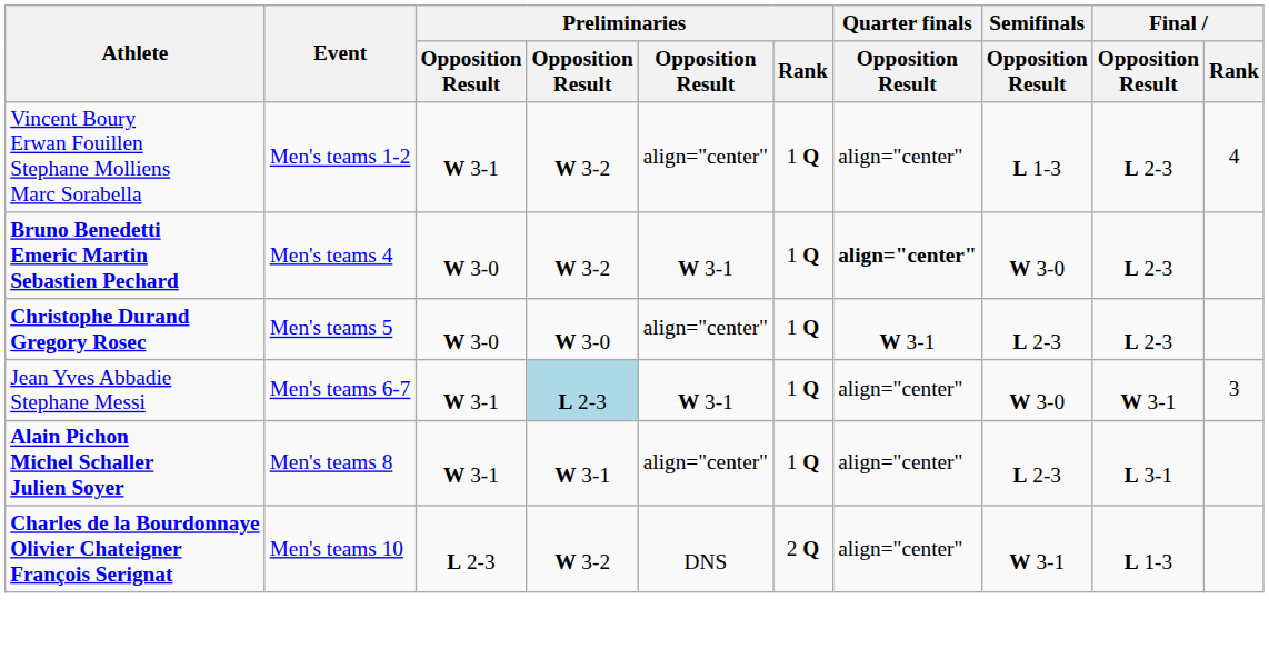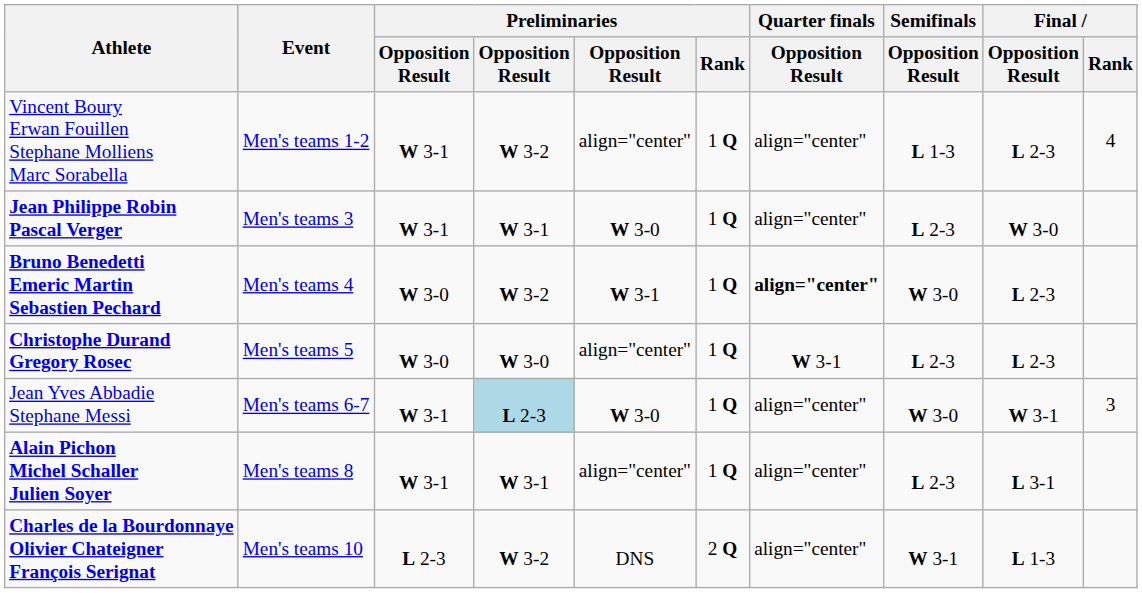 <table class=wikitable style="font-size:90%">
 <tr>
 <th rowspan="2">Athlete</th>
 <th rowspan="2">Event</th>
 <th colspan="4">Preliminaries</th>
 <th>Quarter finals</th>
 <th>Semifinals</th>
 <th colspan="2">Final / </th>
 </tr>
 <tr>
 <th>Opposition<br>Result</th>
 <th>Opposition<br>Result</th>
 <th>Opposition<br>Result</th>
 <th>Rank</th>
 <th>Opposition<br>Result</th>
 <th>Opposition<br>Result</th>
 <th>Opposition<br>Result</th>
 <th>Rank</th>
 </tr>
 <tr>
 <td><a href='#'>Vincent Boury</a><br> <a href='#'>Erwan Fouillen</a><br> <a href='#'>Stephane Molliens</a><br> <a href='#'>Marc Sorabella</a></td>
 <td><a href='#'>Men's teams 1-2</a></td>
 <td align="center"><br><strong>W</strong> 3-1</td>
 <td align="center"><br><strong>W</strong> 3-2</td>
 <td>align="center" </td>
 <td align="center">1 <strong>Q</strong></td>
 <td>align="center" </td>
 <td align="center"><br><strong>L</strong> 1-3</td>
 <td align="center"><br><strong>L</strong> 2-3</td>
 <td align="center">4</td>
 </tr>
 <tr>
+<td><strong><a href='#'>Jean Philippe Robin</a></strong><br> <strong><a href='#'>Pascal Verger</a></strong></td>
+<td><a href='#'>Men's teams 3</a></td>
+<td align="center"><br><strong>W</strong> 3-1</td>
+<td align="center"><br><strong>W</strong> 3-1</td>
+<td align="center"><br><strong>W</strong> 3-0</td>
+<td align="center">1 <strong>Q</strong></td>
+<td>align="center" </td>
+<td align="center"><br><strong>L</strong> 2-3</td>
+<td align="center"><br><strong>W</strong> 3-0</td>
+<td align="center"></td>
+</tr>
+<tr>
 <td><strong><a href='#'>Bruno Benedetti</a></strong><br> <strong><a href='#'>Emeric Martin</a></strong><br> <strong><a href='#'>Sebastien Pechard</a></strong></td>
 <td><a href='#'>Men's teams 4</a></td>
 <td align="center"><br><strong>W</strong> 3-0</td>
 <td align="center"><br><strong>W</strong> 3-2</td>
 <td align="center"><br><strong>W</strong> 3-1</td>
 <td align="center">1 <strong>Q</strong></td>
 <td><strong>align="center" </strong></td>
 <td align="center"><br><strong>W</strong> 3-0</td>
 <td align="center"><br><strong>L</strong> 2-3</td>
 <td align="center"></td>
 </tr>
 <tr>
 <td><strong><a href='#'>Christophe Durand</a></strong><br> <strong><a href='#'>Gregory Rosec</a></strong></td>
 <td><a href='#'>Men's teams 5</a></td>
 <td align="center"><br><strong>W</strong> 3-0</td>
 <td align="center"><br><strong>W</strong> 3-0</td>
 <td>align="center" </td>
 <td align="center">1 <strong>Q</strong></td>
 <td align="center"><br><strong>W</strong> 3-1</td>
 <td align="center"><br><strong>L</strong> 2-3</td>
 <td align="center"><br><strong>L</strong> 2-3</td>
 <td align="center"></td>
 </tr>
 <tr>
 <td><a href='#'>Jean Yves Abbadie</a><br> <a href='#'>Stephane Messi</a></td>
 <td><a href='#'>Men's teams 6-7</a></td>
 <td align="center"><br><strong>W</strong> 3-1</td>
 <td align="center" style="background: lightblue;"><br><strong>L</strong> 2-3</td>
-<td align="center"><br><strong>W</strong> 3-1</td>
+<td align="center"><br><strong>W</strong> 3-0</td>
 <td align="center">1 <strong>Q</strong></td>
 <td>align="center" </td>
 <td align="center"><br><strong>W</strong> 3-0</td>
 <td align="center"><br><strong>W</strong> 3-1</td>
 <td align="center">3</td>
 </tr>
 <tr>
 <td><strong><a href='#'>Alain Pichon</a></strong><br> <strong><a href='#'>Michel Schaller</a></strong><br> <strong><a href='#'>Julien Soyer</a></strong></td>
 <td><a href='#'>Men's teams 8</a></td>
 <td align="center"><br><strong>W</strong> 3-1</td>
 <td align="center"><br><strong>W</strong> 3-1</td>
 <td>align="center" </td>
 <td align="center">1 <strong>Q</strong></td>
 <td>align="center" </td>
 <td align="center"><br><strong>L</strong> 2-3</td>
 <td align="center"><br><strong>L</strong> 3-1</td>
 <td align="center"></td>
 </tr>
 <tr>
 <td><strong><a href='#'>Charles de la Bourdonnaye</a></strong><br> <strong><a href='#'>Olivier Chateigner</a></strong><br> <strong><a href='#'>François Serignat</a></strong></td>
 <td><a href='#'>Men's teams 10</a></td>
 <td align="center"><br><strong>L</strong> 2-3</td>
 <td align="center"><br><strong>W</strong> 3-2</td>
 <td align="center"><br> DNS</td>
 <td align="center">2 <strong>Q</strong></td>
 <td>align="center" </td>
 <td align="center"><br><strong>W</strong> 3-1</td>
 <td align="center"><br><strong>L</strong> 1-3</td>
 <td align="center"></td>
 </tr>
 </table>
